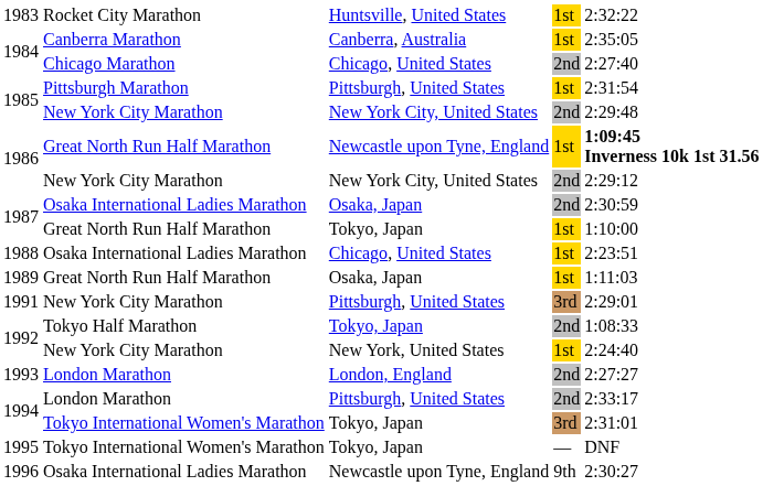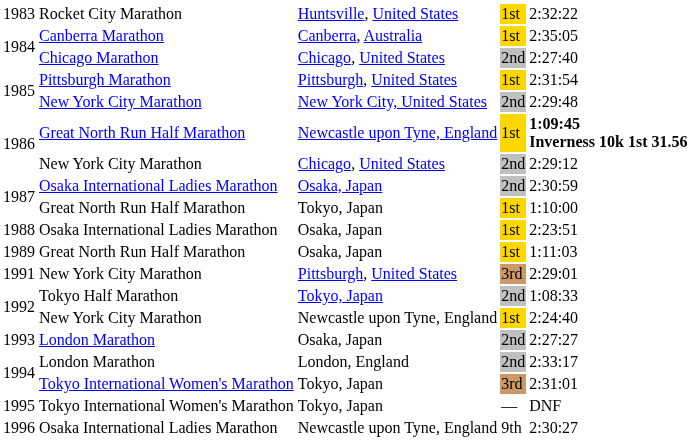 <table>
 <tr>
 <td>1983</td>
 <td>Rocket City Marathon</td>
 <td><a href='#'>Huntsville</a>, <a href='#'>United States</a></td>
 <td bgcolor="gold">1st</td>
 <td>2:32:22</td>
 </tr>
 <tr>
 <td rowspan=2>1984</td>
 <td><a href='#'>Canberra Marathon</a></td>
 <td><a href='#'>Canberra</a>, <a href='#'>Australia</a></td>
 <td bgcolor="gold">1st</td>
 <td>2:35:05</td>
 </tr>
 <tr>
 <td><a href='#'>Chicago Marathon</a></td>
 <td><a href='#'>Chicago</a>, <a href='#'>United States</a></td>
 <td bgcolor=silver>2nd</td>
 <td>2:27:40</td>
 </tr>
 <tr>
 <td rowspan=2>1985</td>
 <td><a href='#'>Pittsburgh Marathon</a></td>
 <td><a href='#'>Pittsburgh</a>, <a href='#'>United States</a></td>
 <td bgcolor="gold">1st</td>
 <td>2:31:54</td>
 </tr>
 <tr>
 <td><a href='#'>New York City Marathon</a></td>
 <td><a href='#'>New York City, United States</a></td>
 <td bgcolor="silver">2nd</td>
 <td>2:29:48</td>
 </tr>
 <tr>
 <td rowspan=2>1986</td>
 <td><a href='#'>Great North Run Half Marathon</a></td>
 <td><a href='#'>Newcastle upon Tyne, England</a></td>
 <td bgcolor=gold>1st</td>
 <td><strong>1:09:45<br>Inverness 10k 1st 31.56</strong></td>
 </tr>
 <tr>
 <td>New York City Marathon</td>
-<td>New York City, United States</td>
+<td><a href='#'>Chicago</a>, <a href='#'>United States</a></td>
 <td bgcolor="silver">2nd</td>
 <td>2:29:12</td>
 </tr>
 <tr>
 <td rowspan=2>1987</td>
 <td><a href='#'>Osaka International Ladies Marathon</a></td>
 <td><a href='#'>Osaka, Japan</a></td>
 <td bgcolor=silver>2nd</td>
 <td>2:30:59</td>
 </tr>
 <tr>
 <td>Great North Run Half Marathon</td>
 <td>Tokyo, Japan</td>
 <td bgcolor=gold>1st</td>
 <td>1:10:00</td>
 </tr>
 <tr>
 <td>1988</td>
 <td>Osaka International Ladies Marathon</td>
-<td><a href='#'>Chicago</a>, <a href='#'>United States</a></td>
+<td>Osaka, Japan</td>
 <td bgcolor="gold">1st</td>
 <td>2:23:51</td>
 </tr>
 <tr>
 <td>1989</td>
 <td>Great North Run Half Marathon</td>
 <td>Osaka, Japan</td>
 <td bgcolor=gold>1st</td>
 <td>1:11:03</td>
 </tr>
 <tr>
 <td>1991</td>
 <td>New York City Marathon</td>
 <td><a href='#'>Pittsburgh</a>, <a href='#'>United States</a></td>
 <td bgcolor="cc9966">3rd</td>
 <td>2:29:01</td>
 </tr>
 <tr>
 <td rowspan=2>1992</td>
 <td>Tokyo Half Marathon</td>
 <td><a href='#'>Tokyo, Japan</a></td>
 <td bgcolor=silver>2nd</td>
 <td>1:08:33</td>
 </tr>
 <tr>
 <td>New York City Marathon</td>
-<td>New York, United States</td>
+<td>Newcastle upon Tyne, England</td>
 <td bgcolor="gold">1st</td>
 <td>2:24:40</td>
 </tr>
 <tr>
 <td>1993</td>
 <td><a href='#'>London Marathon</a></td>
-<td><a href='#'>London, England</a></td>
+<td>Osaka, Japan</td>
 <td bgcolor="silver">2nd</td>
 <td>2:27:27</td>
 </tr>
 <tr>
 <td rowspan=2>1994</td>
 <td>London Marathon</td>
-<td><a href='#'>Pittsburgh</a>, <a href='#'>United States</a></td>
+<td>London, England</td>
 <td bgcolor="silver">2nd</td>
 <td>2:33:17</td>
 </tr>
 <tr>
 <td><a href='#'>Tokyo International Women's Marathon</a></td>
 <td>Tokyo, Japan</td>
 <td bgcolor=cc9966>3rd</td>
 <td>2:31:01</td>
 </tr>
 <tr>
 <td>1995</td>
 <td>Tokyo International Women's Marathon</td>
 <td>Tokyo, Japan</td>
 <td>—</td>
 <td>DNF</td>
 </tr>
 <tr>
 <td>1996</td>
 <td>Osaka International Ladies Marathon</td>
 <td>Newcastle upon Tyne, England</td>
 <td>9th</td>
 <td>2:30:27</td>
 </tr>
 </table>
